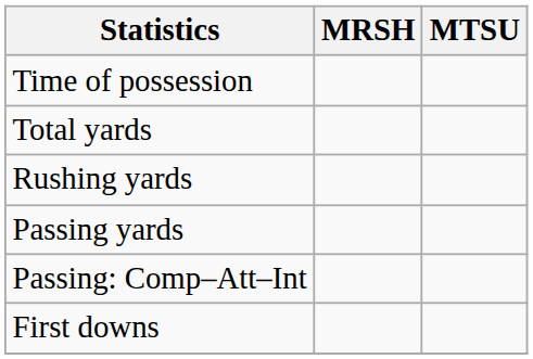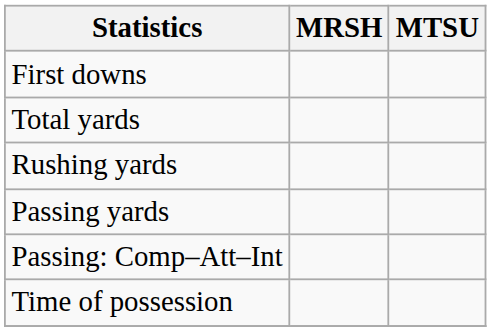 <table class="wikitable" style="float: left;">
 <tr>
 <th>Statistics</th>
 <th>MRSH</th>
 <th>MTSU</th>
 </tr>
 <tr>
-<td>Time of possession</td>
+<td>First downs</td>
 <td></td>
 <td></td>
 </tr>
 <tr>
 <td>Total yards</td>
 <td></td>
 <td></td>
 </tr>
 <tr>
 <td>Rushing yards</td>
 <td></td>
 <td></td>
 </tr>
 <tr>
 <td>Passing yards</td>
 <td></td>
 <td></td>
 </tr>
 <tr>
 <td>Passing: Comp–Att–Int</td>
 <td></td>
 <td></td>
 </tr>
 <tr>
-<td>First downs</td>
+<td>Time of possession</td>
 <td></td>
 <td></td>
 </tr>
 <tr>
 </tr>
 </table>
